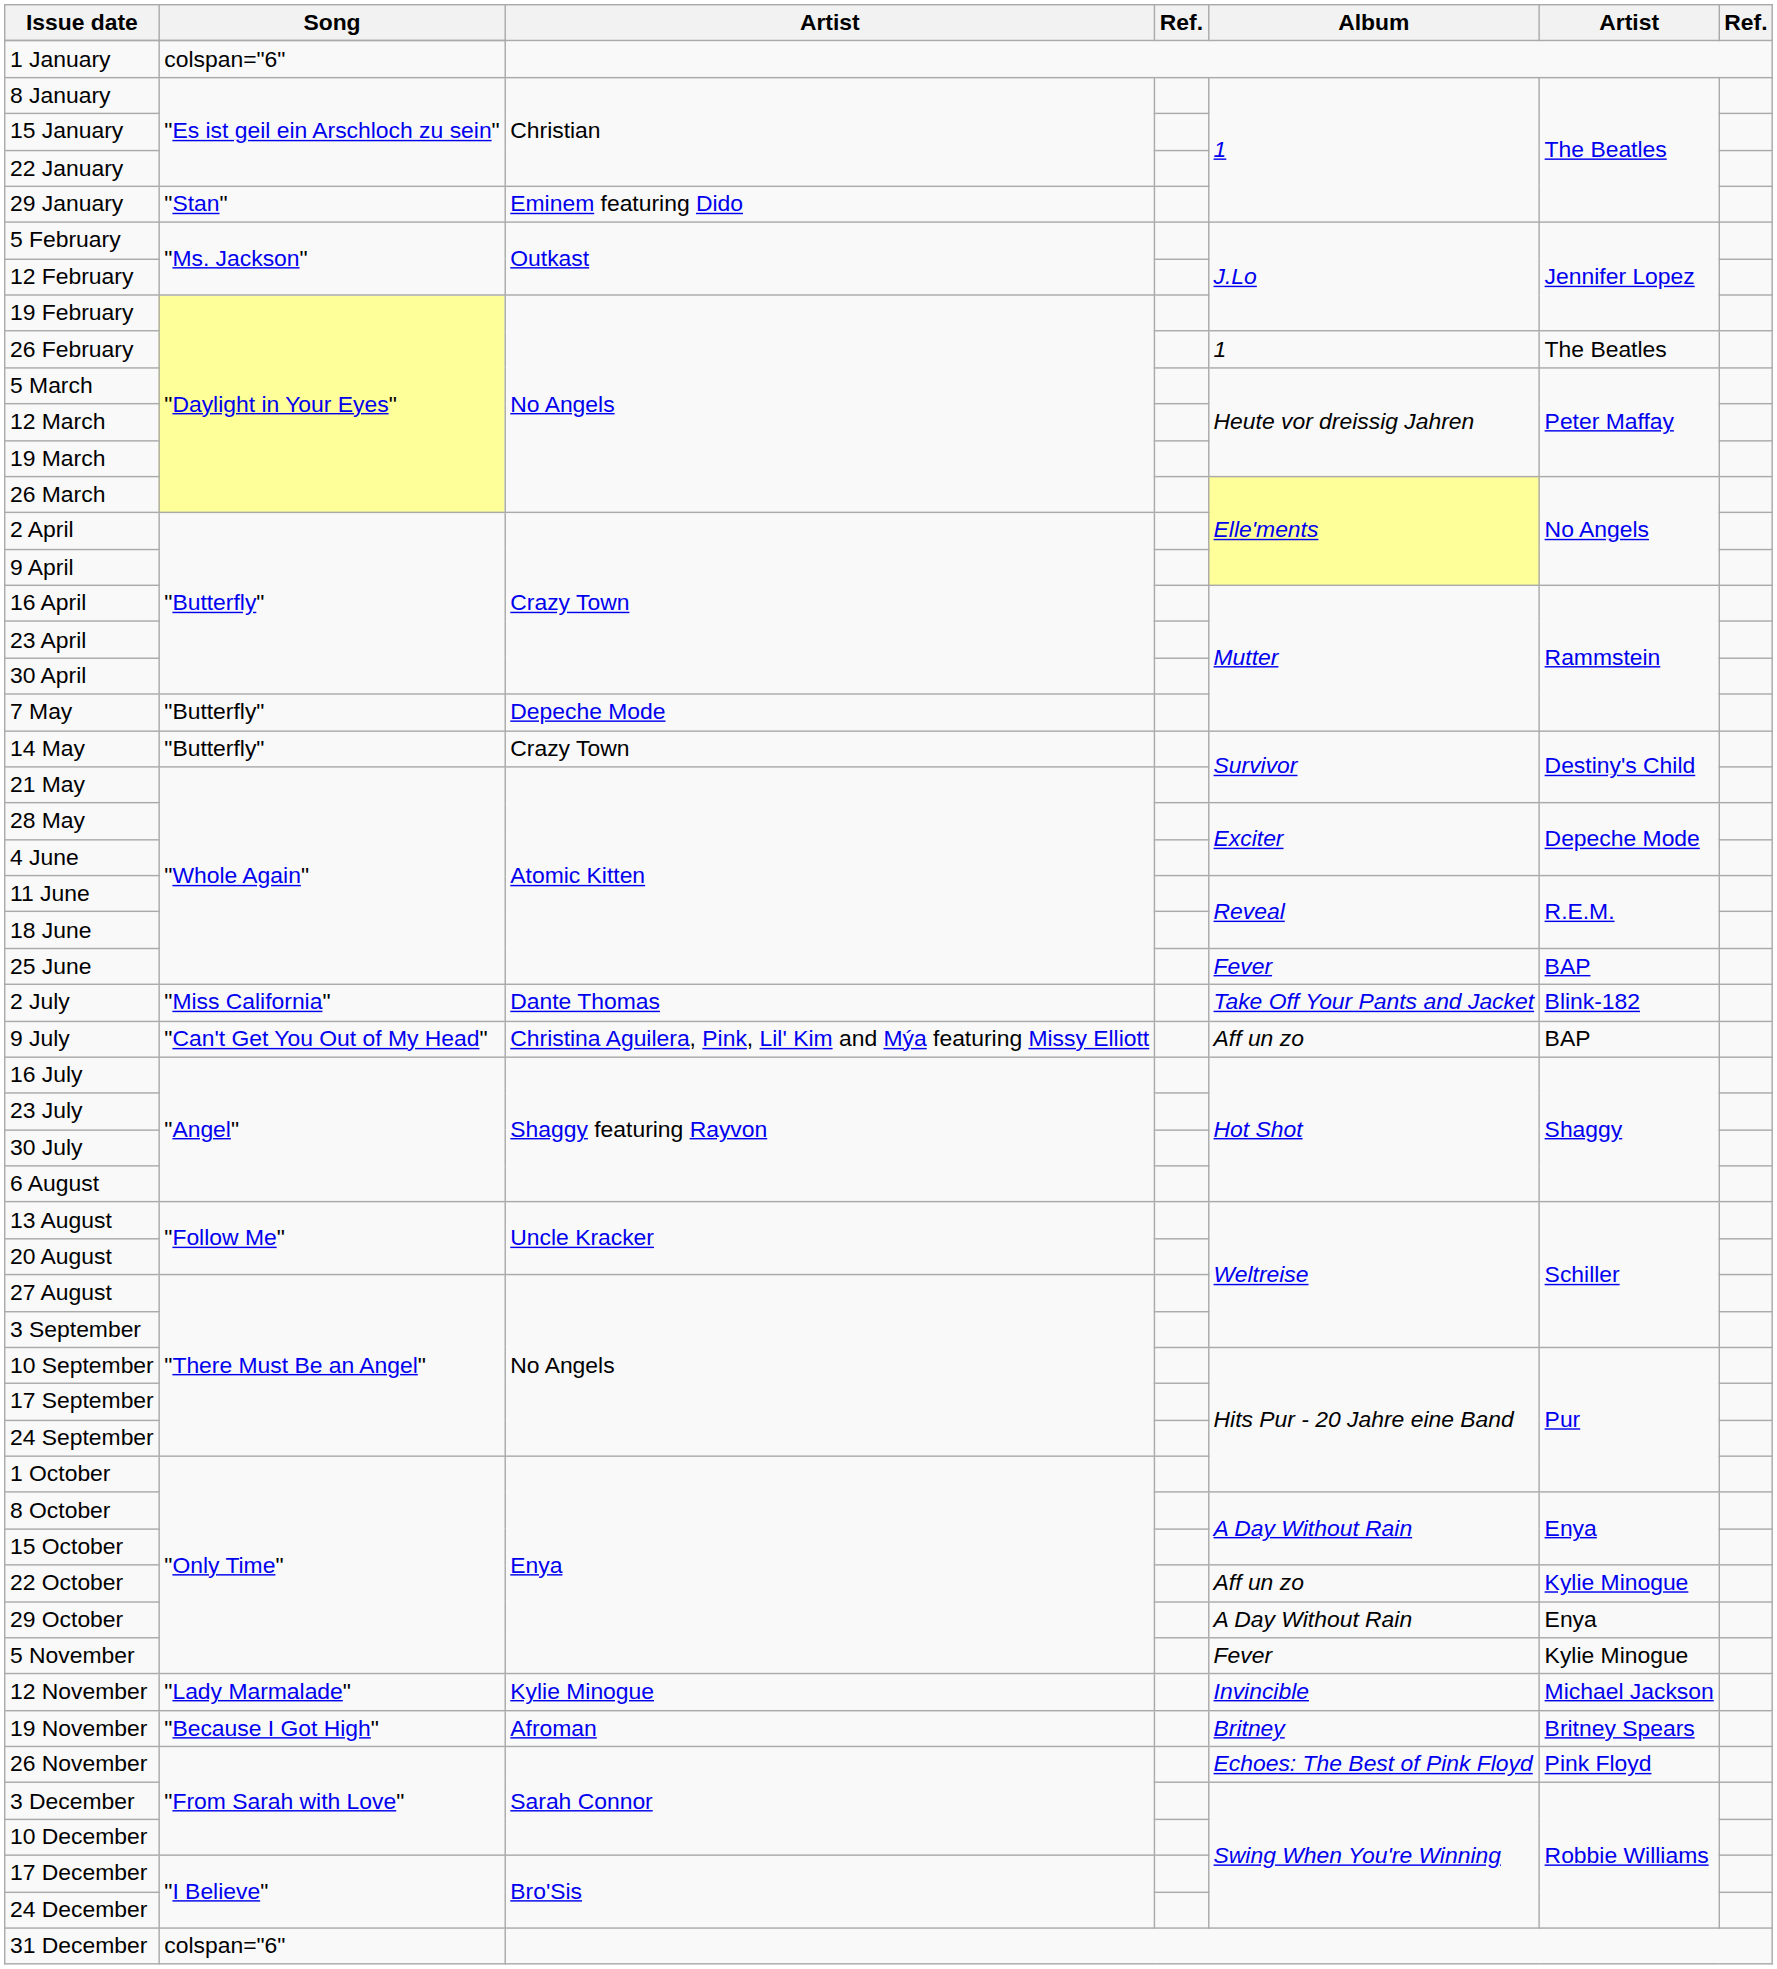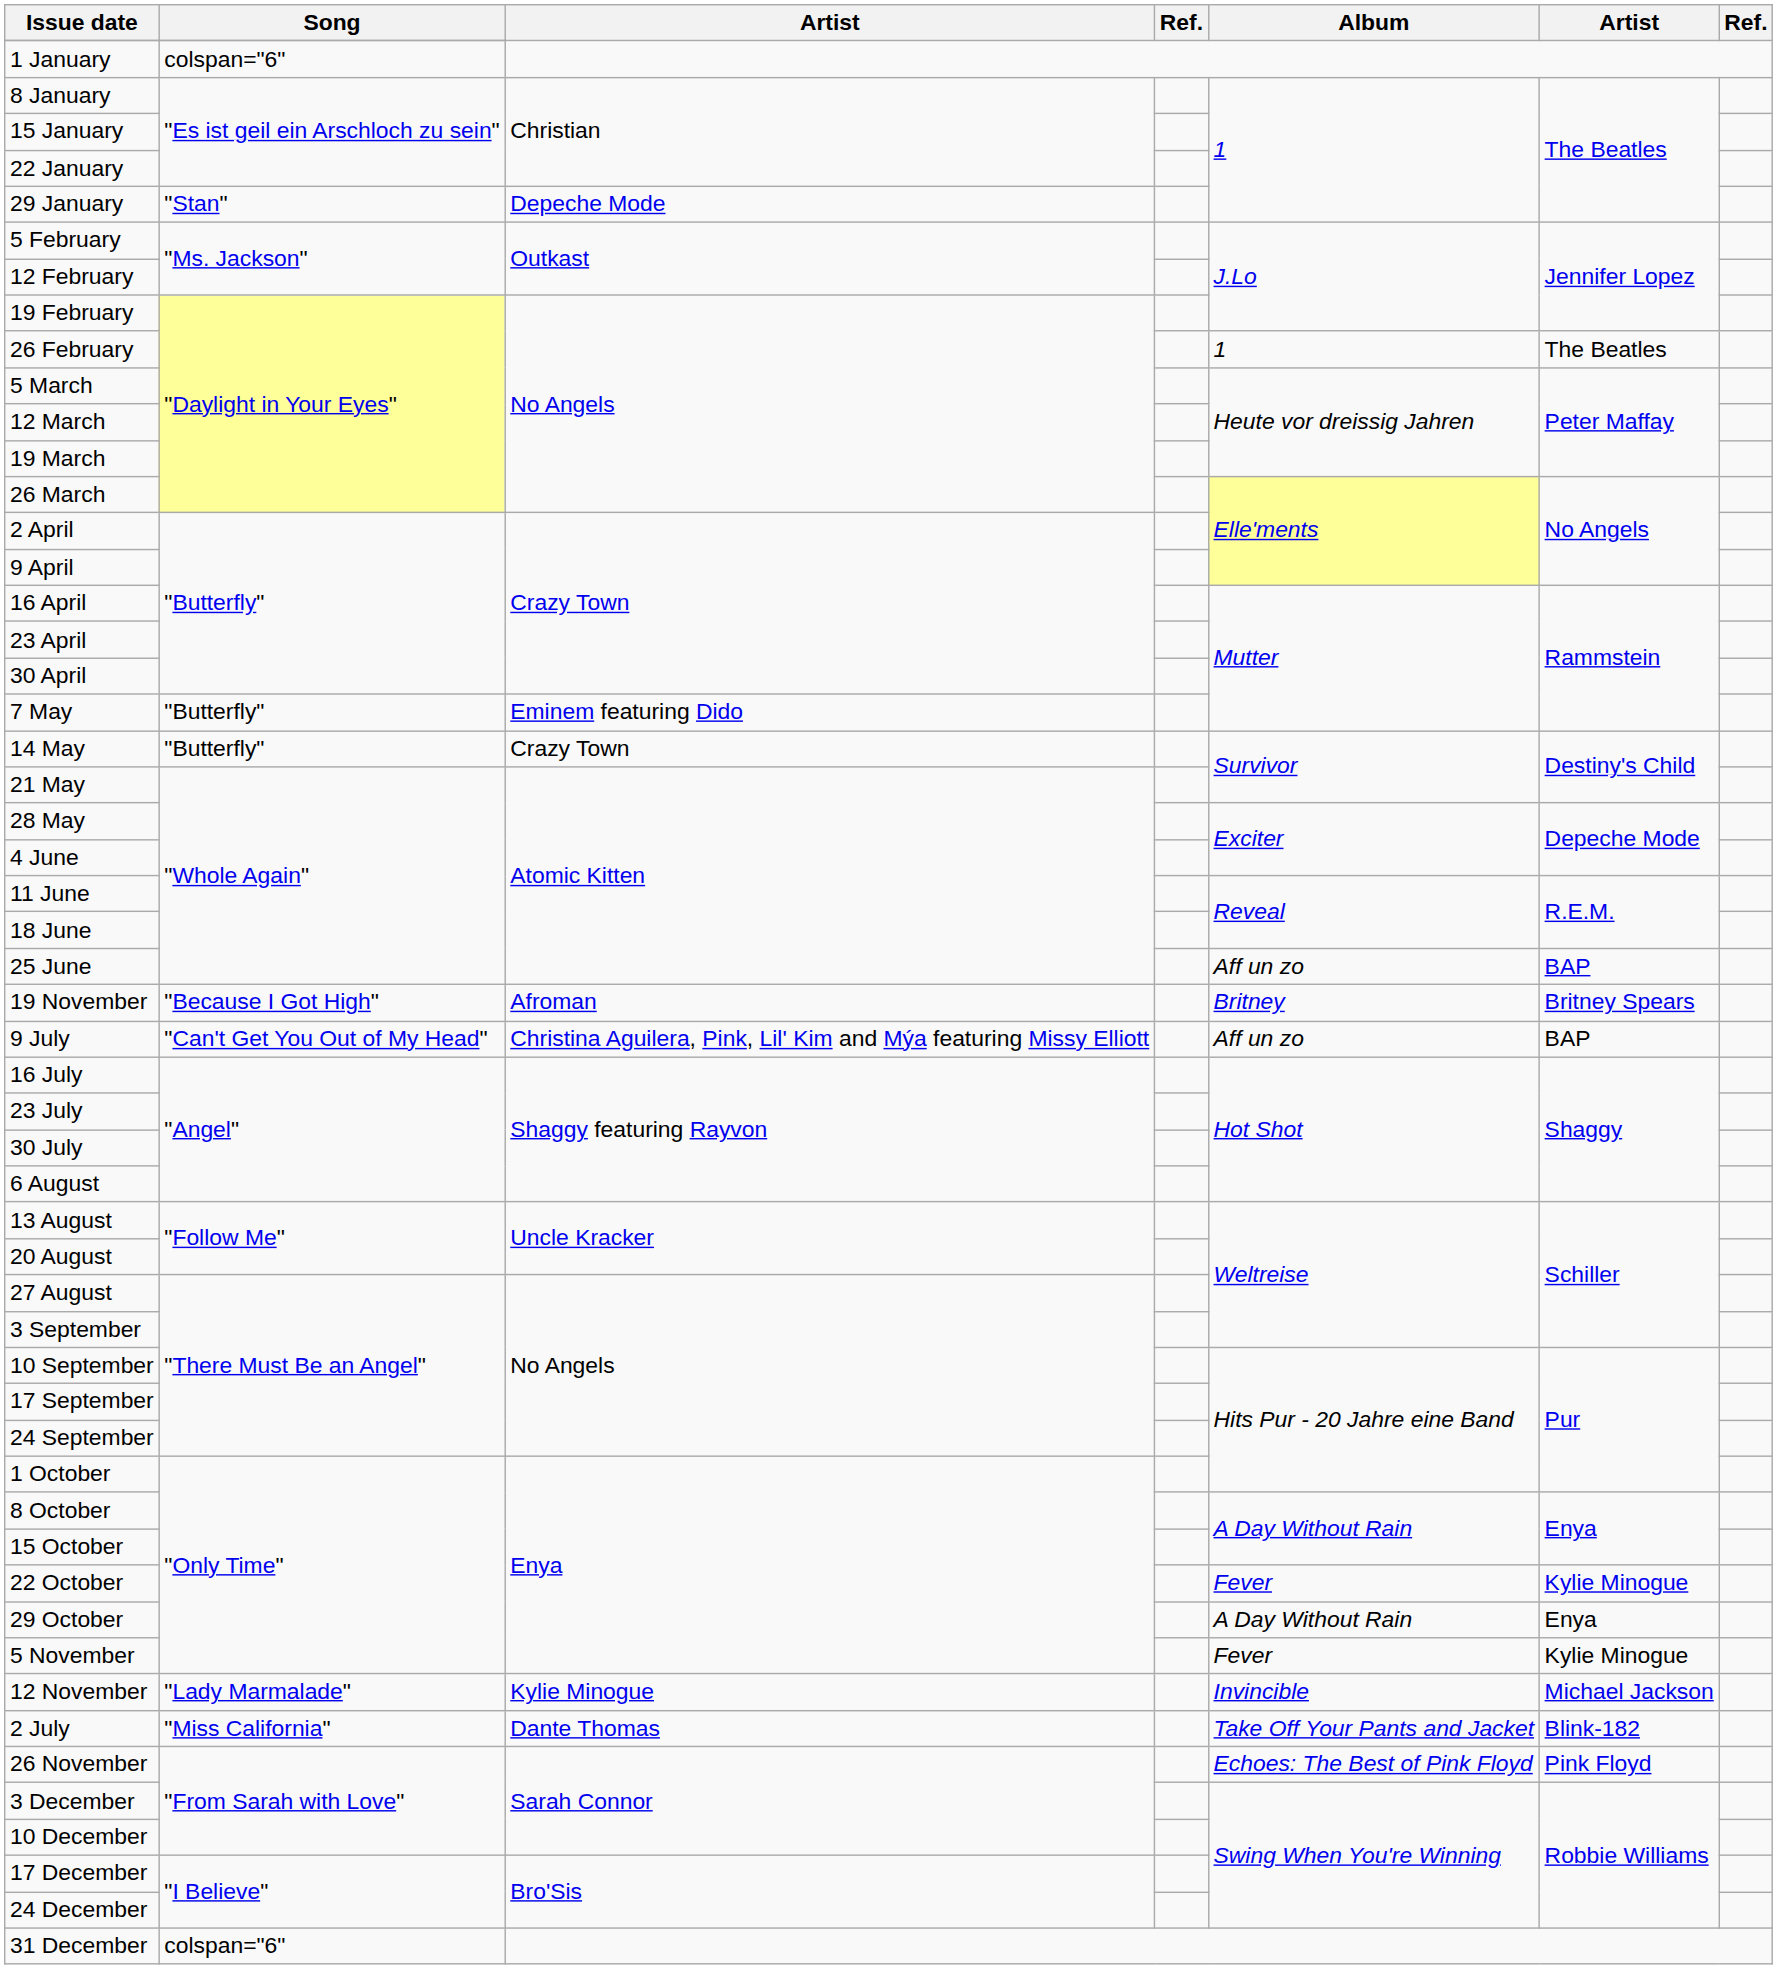 <table class="sortable wikitable">
 <tr>
 <th>Issue date</th>
 <th>Song</th>
 <th>Artist</th>
 <th>Ref.</th>
 <th>Album</th>
 <th>Artist</th>
 <th>Ref.</th>
 </tr>
 <tr>
 </tr>
 <tr>
 <td>1 January</td>
 <td>colspan="6" </td>
 </tr>
 <tr>
 <td>8 January</td>
 <td rowspan="3">"<a href='#'>Es ist geil ein Arschloch zu sein</a>"</td>
 <td rowspan="3">Christian</td>
 <td align="center"></td>
 <td rowspan="4"><em><a href='#'>1</a></em></td>
 <td rowspan="4"><a href='#'>The Beatles</a></td>
 <td align="center"></td>
 </tr>
 <tr>
 <td>15 January</td>
 <td align="center"></td>
 <td align="center"></td>
 </tr>
 <tr>
 <td>22 January</td>
 <td align="center"></td>
 <td align="center"></td>
 </tr>
 <tr>
 <td>29 January</td>
 <td>"<a href='#'>Stan</a>"</td>
-<td><a href='#'>Eminem</a> featuring <a href='#'>Dido</a></td>
+<td><a href='#'>Depeche Mode</a></td>
 <td align="center"></td>
 <td align="center"></td>
 </tr>
 <tr>
 <td>5 February</td>
 <td rowspan="2">"<a href='#'>Ms. Jackson</a>"</td>
 <td rowspan="2"><a href='#'>Outkast</a></td>
 <td align="center"></td>
 <td rowspan="3"><em><a href='#'>J.Lo</a></em></td>
 <td rowspan="3"><a href='#'>Jennifer Lopez</a></td>
 <td align="center"></td>
 </tr>
 <tr>
 <td>12 February</td>
 <td align="center"></td>
 <td align="center"></td>
 </tr>
 <tr>
 <td>19 February</td>
 <td bgcolor=#FFFF99 rowspan="6">"<a href='#'>Daylight in Your Eyes</a>" </td>
 <td rowspan="6"><a href='#'>No Angels</a></td>
 <td align="center"></td>
 <td align="center"></td>
 </tr>
 <tr>
 <td>26 February</td>
 <td align="center"></td>
 <td><em>1</em></td>
 <td>The Beatles</td>
 <td align="center"></td>
 </tr>
 <tr>
 <td>5 March</td>
 <td align="center"></td>
 <td rowspan="3"><em>Heute vor dreissig Jahren</em></td>
 <td rowspan="3"><a href='#'>Peter Maffay</a></td>
 <td align="center"></td>
 </tr>
 <tr>
 <td>12 March</td>
 <td align="center"></td>
 <td align="center"></td>
 </tr>
 <tr>
 <td>19 March</td>
 <td align="center"></td>
 <td align="center"></td>
 </tr>
 <tr>
 <td>26 March</td>
 <td align="center"></td>
 <td bgcolor=#FFFF99 rowspan="3"><em><a href='#'>Elle'ments</a></em> </td>
 <td rowspan="3"><a href='#'>No Angels</a></td>
 <td align="center"></td>
 </tr>
 <tr>
 <td>2 April</td>
 <td rowspan="5">"<a href='#'>Butterfly</a>"</td>
 <td rowspan="5"><a href='#'>Crazy Town</a></td>
 <td align="center"></td>
 <td align="center"></td>
 </tr>
 <tr>
 <td>9 April</td>
 <td align="center"></td>
 <td align="center"></td>
 </tr>
 <tr>
 <td>16 April</td>
 <td align="center"></td>
 <td rowspan="4"><em><a href='#'>Mutter</a></em></td>
 <td rowspan="4"><a href='#'>Rammstein</a></td>
 <td align="center"></td>
 </tr>
 <tr>
 <td>23 April</td>
 <td align="center"></td>
 <td align="center"></td>
 </tr>
 <tr>
 <td>30 April</td>
 <td align="center"></td>
 <td align="center"></td>
 </tr>
 <tr>
 <td>7 May</td>
 <td>"Butterfly"</td>
-<td><a href='#'>Depeche Mode</a></td>
+<td><a href='#'>Eminem</a> featuring <a href='#'>Dido</a></td>
 <td align="center"></td>
 <td align="center"></td>
 </tr>
 <tr>
 <td>14 May</td>
 <td>"Butterfly"</td>
 <td>Crazy Town</td>
 <td align="center"></td>
 <td rowspan="2"><em><a href='#'>Survivor</a></em></td>
 <td rowspan="2"><a href='#'>Destiny's Child</a></td>
 <td align="center"></td>
 </tr>
 <tr>
 <td>21 May</td>
 <td rowspan="6">"<a href='#'>Whole Again</a>"</td>
 <td rowspan="6"><a href='#'>Atomic Kitten</a></td>
 <td align="center"></td>
 <td align="center"></td>
 </tr>
 <tr>
 <td>28 May</td>
 <td align="center"></td>
 <td rowspan="2"><em><a href='#'>Exciter</a></em></td>
 <td rowspan="2"><a href='#'>Depeche Mode</a></td>
 <td align="center"></td>
 </tr>
 <tr>
 <td>4 June</td>
 <td align="center"></td>
 <td align="center"></td>
 </tr>
 <tr>
 <td>11 June</td>
 <td align="center"></td>
 <td rowspan="2"><em><a href='#'>Reveal</a></em></td>
 <td rowspan="2"><a href='#'>R.E.M.</a></td>
 <td align="center"></td>
 </tr>
 <tr>
 <td>18 June</td>
 <td align="center"></td>
 <td align="center"></td>
 </tr>
 <tr>
 <td>25 June</td>
 <td align="center"></td>
-<td><em><a href='#'>Fever</a></em></td>
+<td><em>Aff un zo</em></td>
 <td><a href='#'>BAP</a></td>
 <td align="center"></td>
 </tr>
 <tr>
-<td>2 July</td>
-<td>"<a href='#'>Miss California</a>"</td>
-<td><a href='#'>Dante Thomas</a></td>
+<td>19 November</td>
+<td>"<a href='#'>Because I Got High</a>"</td>
+<td><a href='#'>Afroman</a></td>
 <td align="center"></td>
-<td><em><a href='#'>Take Off Your Pants and Jacket</a></em></td>
-<td><a href='#'>Blink-182</a></td>
+<td><em><a href='#'>Britney</a></em></td>
+<td><a href='#'>Britney Spears</a></td>
 <td align="center"></td>
 </tr>
 <tr>
 <td>9 July</td>
 <td>"<a href='#'>Can't Get You Out of My Head</a>"</td>
 <td><a href='#'>Christina Aguilera</a>, <a href='#'>Pink</a>, <a href='#'>Lil' Kim</a> and <a href='#'>Mýa</a> featuring <a href='#'>Missy Elliott</a></td>
 <td align="center"></td>
 <td><em>Aff un zo</em></td>
 <td>BAP</td>
 <td align="center"></td>
 </tr>
 <tr>
 <td>16 July</td>
 <td rowspan="4">"<a href='#'>Angel</a>"</td>
 <td rowspan="4"><a href='#'>Shaggy</a> featuring <a href='#'>Rayvon</a></td>
 <td align="center"></td>
 <td rowspan="4"><em><a href='#'>Hot Shot</a></em></td>
 <td rowspan="4"><a href='#'>Shaggy</a></td>
 <td align="center"></td>
 </tr>
 <tr>
 <td>23 July</td>
 <td align="center"></td>
 <td align="center"></td>
 </tr>
 <tr>
 <td>30 July</td>
 <td align="center"></td>
 <td align="center"></td>
 </tr>
 <tr>
 <td>6 August</td>
 <td align="center"></td>
 <td align="center"></td>
 </tr>
 <tr>
 <td>13 August</td>
 <td rowspan="2">"<a href='#'>Follow Me</a>"</td>
 <td rowspan="2"><a href='#'>Uncle Kracker</a></td>
 <td align="center"></td>
 <td rowspan="4"><em><a href='#'>Weltreise</a></em></td>
 <td rowspan="4"><a href='#'>Schiller</a></td>
 <td align="center"></td>
 </tr>
 <tr>
 <td>20 August</td>
 <td align="center"></td>
 <td align="center"></td>
 </tr>
 <tr>
 <td>27 August</td>
 <td rowspan="5">"<a href='#'>There Must Be an Angel</a>"</td>
 <td rowspan="5">No Angels</td>
 <td align="center"></td>
 <td align="center"></td>
 </tr>
 <tr>
 <td>3 September</td>
 <td align="center"></td>
 <td align="center"></td>
 </tr>
 <tr>
 <td>10 September</td>
 <td align="center"></td>
 <td rowspan="4"><em>Hits Pur - 20 Jahre eine Band</em></td>
 <td rowspan="4"><a href='#'>Pur</a></td>
 <td align="center"></td>
 </tr>
 <tr>
 <td>17 September</td>
 <td align="center"></td>
 <td align="center"></td>
 </tr>
 <tr>
 <td>24 September</td>
 <td align="center"></td>
 <td align="center"></td>
 </tr>
 <tr>
 <td>1 October</td>
 <td rowspan="6">"<a href='#'>Only Time</a>"</td>
 <td rowspan="6"><a href='#'>Enya</a></td>
 <td align="center"></td>
 <td align="center"></td>
 </tr>
 <tr>
 <td>8 October</td>
 <td align="center"></td>
 <td rowspan="2"><em><a href='#'>A Day Without Rain</a></em></td>
 <td rowspan="2"><a href='#'>Enya</a></td>
 <td align="center"></td>
 </tr>
 <tr>
 <td>15 October</td>
 <td align="center"></td>
 <td align="center"></td>
 </tr>
 <tr>
 <td>22 October</td>
 <td align="center"></td>
-<td><em>Aff un zo</em></td>
+<td><em><a href='#'>Fever</a></em></td>
 <td><a href='#'>Kylie Minogue</a></td>
 <td align="center"></td>
 </tr>
 <tr>
 <td>29 October</td>
 <td align="center"></td>
 <td><em>A Day Without Rain</em></td>
 <td>Enya</td>
 <td align="center"></td>
 </tr>
 <tr>
 <td>5 November</td>
 <td align="center"></td>
 <td><em>Fever</em></td>
 <td>Kylie Minogue</td>
 <td align="center"></td>
 </tr>
 <tr>
 <td>12 November</td>
 <td>"<a href='#'>Lady Marmalade</a>"</td>
 <td><a href='#'>Kylie Minogue</a></td>
 <td align="center"></td>
 <td><em><a href='#'>Invincible</a></em></td>
 <td><a href='#'>Michael Jackson</a></td>
 <td align="center"></td>
 </tr>
 <tr>
-<td>19 November</td>
-<td>"<a href='#'>Because I Got High</a>"</td>
-<td><a href='#'>Afroman</a></td>
+<td>2 July</td>
+<td>"<a href='#'>Miss California</a>"</td>
+<td><a href='#'>Dante Thomas</a></td>
 <td align="center"></td>
-<td><em><a href='#'>Britney</a></em></td>
-<td><a href='#'>Britney Spears</a></td>
+<td><em><a href='#'>Take Off Your Pants and Jacket</a></em></td>
+<td><a href='#'>Blink-182</a></td>
 <td align="center"></td>
 </tr>
 <tr>
 <td>26 November</td>
 <td rowspan="3">"<a href='#'>From Sarah with Love</a>"</td>
 <td rowspan="3"><a href='#'>Sarah Connor</a></td>
 <td align="center"></td>
 <td><em><a href='#'>Echoes: The Best of Pink Floyd</a></em></td>
 <td><a href='#'>Pink Floyd</a></td>
 <td align="center"></td>
 </tr>
 <tr>
 <td>3 December</td>
 <td align="center"></td>
 <td rowspan="4"><em><a href='#'>Swing When You're Winning</a></em></td>
 <td rowspan="4"><a href='#'>Robbie Williams</a></td>
 <td align="center"></td>
 </tr>
 <tr>
 <td>10 December</td>
 <td align="center"></td>
 <td align="center"></td>
 </tr>
 <tr>
 <td>17 December</td>
 <td rowspan="2">"<a href='#'>I Believe</a>"</td>
 <td rowspan="2"><a href='#'>Bro'Sis</a></td>
 <td align="center"></td>
 <td align="center"></td>
 </tr>
 <tr>
 <td>24 December</td>
 <td align="center"></td>
 <td align="center"></td>
 </tr>
 <tr>
 <td>31 December</td>
 <td>colspan="6" </td>
 </tr>
 </table>
